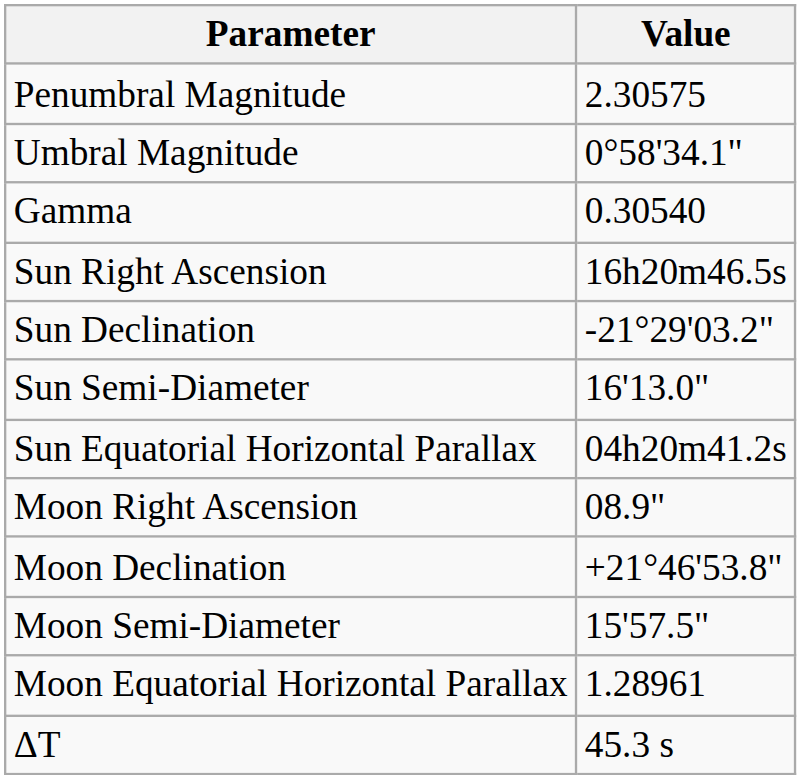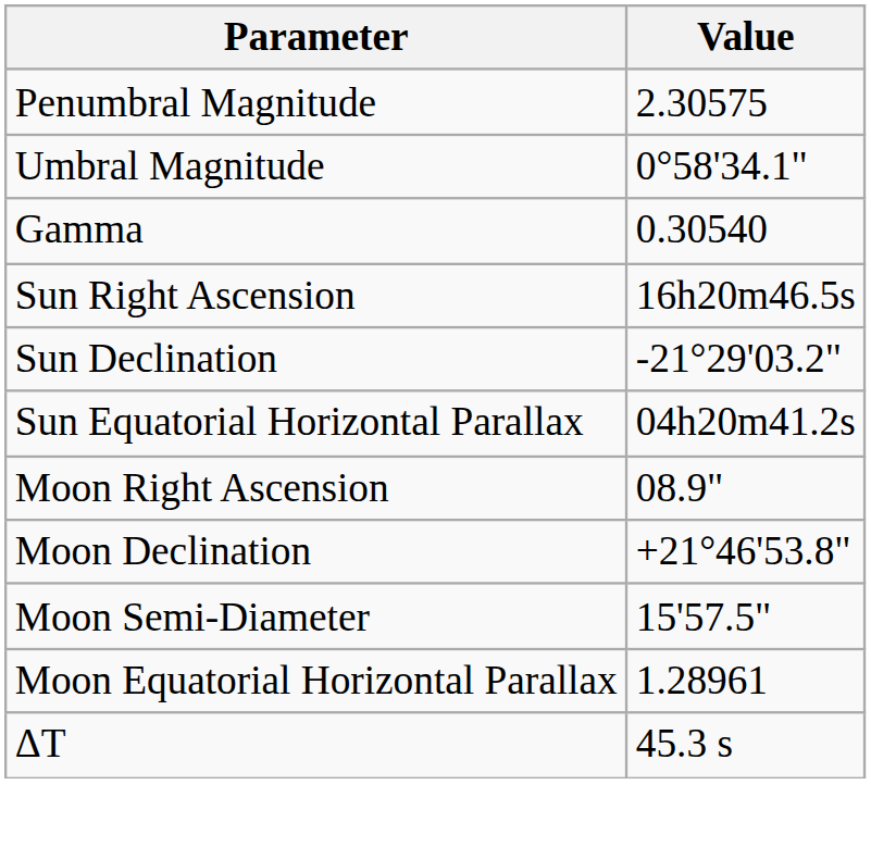 <table class="wikitable">
 <tr>
 <th>Parameter</th>
 <th>Value</th>
 </tr>
 <tr>
 <td>Penumbral Magnitude</td>
 <td>2.30575</td>
 </tr>
 <tr>
 <td>Umbral Magnitude</td>
 <td>0°58'34.1"</td>
 </tr>
 <tr>
 <td>Gamma</td>
 <td>0.30540</td>
 </tr>
 <tr>
 <td>Sun Right Ascension</td>
 <td>16h20m46.5s</td>
 </tr>
 <tr>
 <td>Sun Declination</td>
 <td>-21°29'03.2"</td>
 </tr>
 <tr>
-<td>Sun Semi-Diameter</td>
-<td>16'13.0"</td>
-</tr>
-<tr>
 <td>Sun Equatorial Horizontal Parallax</td>
 <td>04h20m41.2s</td>
 </tr>
 <tr>
 <td>Moon Right Ascension</td>
 <td>08.9"</td>
 </tr>
 <tr>
 <td>Moon Declination</td>
 <td>+21°46'53.8"</td>
 </tr>
 <tr>
 <td>Moon Semi-Diameter</td>
 <td>15'57.5"</td>
 </tr>
 <tr>
 <td>Moon Equatorial Horizontal Parallax</td>
 <td>1.28961</td>
 </tr>
 <tr>
 <td>ΔT</td>
 <td>45.3 s</td>
 </tr>
 </table>
